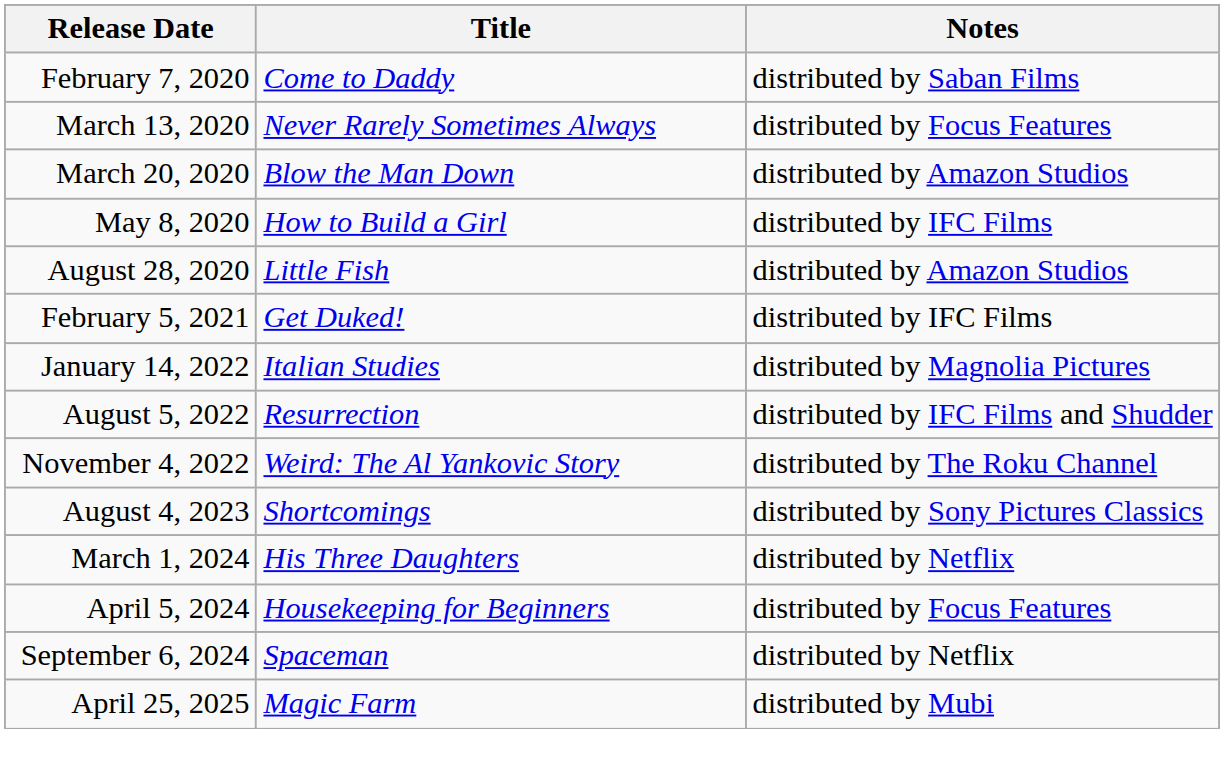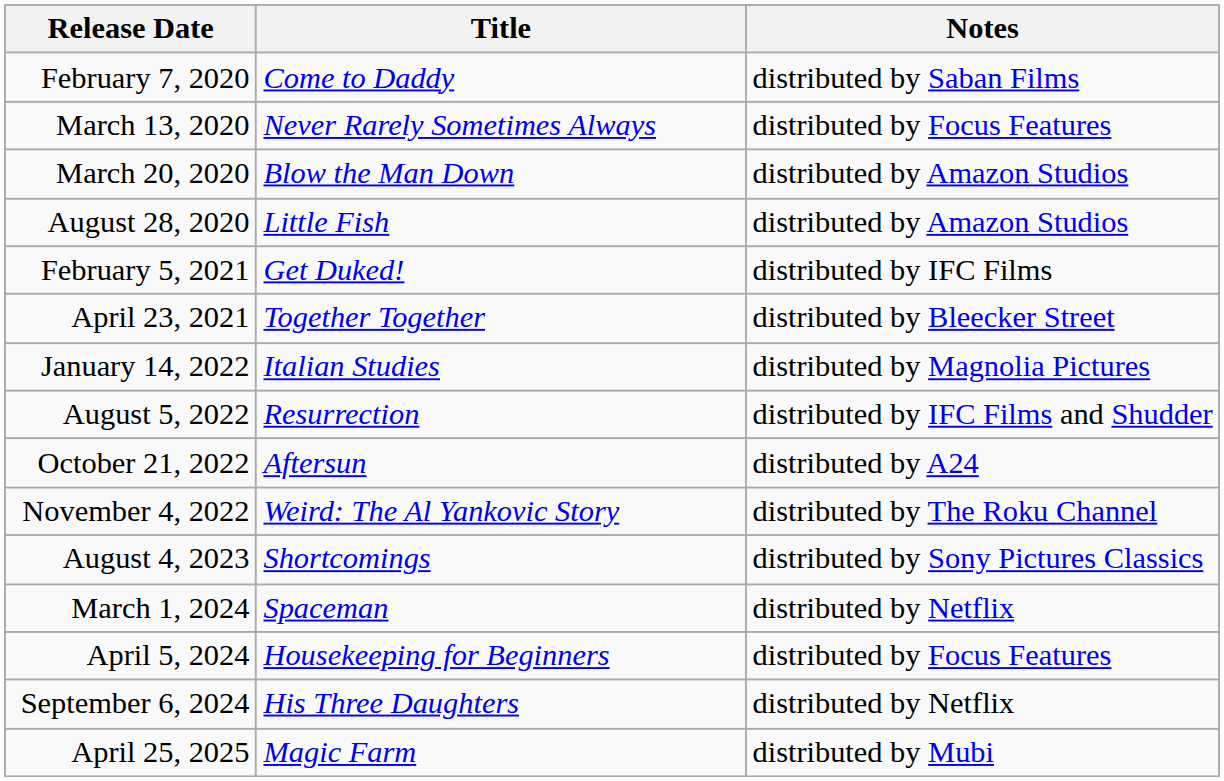 <table class="wikitable sortable">
 <tr>
 <th style="width:125px;">Release Date</th>
 <th style="width:250px;">Title</th>
 <th>Notes</th>
 </tr>
 <tr>
 <td style="text-align:right;">February 7, 2020</td>
 <td><em><a href='#'>Come to Daddy</a></em></td>
 <td>distributed by <a href='#'>Saban Films</a></td>
 </tr>
 <tr>
 <td style="text-align:right;">March 13, 2020</td>
 <td><em><a href='#'>Never Rarely Sometimes Always</a></em></td>
 <td>distributed by <a href='#'>Focus Features</a></td>
 </tr>
 <tr>
 <td style="text-align:right;">March 20, 2020</td>
 <td><em><a href='#'>Blow the Man Down</a></em></td>
 <td>distributed by <a href='#'>Amazon Studios</a></td>
 </tr>
 <tr>
-<td style="text-align:right;">May 8, 2020</td>
-<td><em><a href='#'>How to Build a Girl</a></em></td>
-<td>distributed by <a href='#'>IFC Films</a></td>
-</tr>
-<tr>
 <td style="text-align:right;">August 28, 2020</td>
 <td><em><a href='#'>Little Fish</a></em></td>
 <td>distributed by <a href='#'>Amazon Studios</a></td>
 </tr>
 <tr>
 <td style="text-align:right;">February 5, 2021</td>
 <td><em><a href='#'>Get Duked!</a></em></td>
 <td>distributed by IFC Films</td>
 </tr>
 <tr>
+<td style="text-align:right;">April 23, 2021</td>
+<td><em><a href='#'>Together Together</a></em></td>
+<td>distributed by <a href='#'>Bleecker Street</a></td>
+</tr>
+<tr>
 <td style="text-align:right;">January 14, 2022</td>
 <td><em><a href='#'>Italian Studies</a></em></td>
 <td>distributed by <a href='#'>Magnolia Pictures</a></td>
 </tr>
 <tr>
 <td style="text-align:right;">August 5, 2022</td>
 <td><em><a href='#'>Resurrection</a></em></td>
 <td>distributed by <a href='#'>IFC Films</a> and <a href='#'>Shudder</a></td>
+</tr>
+<tr>
+<td style="text-align:right">October 21, 2022</td>
+<td><em><a href='#'>Aftersun</a></em></td>
+<td>distributed by <a href='#'>A24</a></td>
 </tr>
 <tr>
 <td style="text-align:right;">November 4, 2022</td>
 <td><em><a href='#'>Weird: The Al Yankovic Story</a></em></td>
 <td>distributed by <a href='#'>The Roku Channel</a></td>
 </tr>
 <tr>
 <td style="text-align:right;">August 4, 2023</td>
 <td><em><a href='#'>Shortcomings</a></em></td>
 <td>distributed by <a href='#'>Sony Pictures Classics</a></td>
 </tr>
 <tr>
 <td style="text-align:right;">March 1, 2024</td>
-<td><em><a href='#'>His Three Daughters</a></em></td>
+<td><em><a href='#'>Spaceman</a></em></td>
 <td>distributed by <a href='#'>Netflix</a></td>
 </tr>
 <tr>
 <td align="right">April 5, 2024</td>
 <td><em><a href='#'>Housekeeping for Beginners</a></em></td>
 <td>distributed by <a href='#'>Focus Features</a></td>
 </tr>
 <tr>
 <td style="text-align:right;">September 6, 2024</td>
-<td><em><a href='#'>Spaceman</a></em></td>
+<td><em><a href='#'>His Three Daughters</a></em></td>
 <td>distributed by Netflix</td>
 </tr>
 <tr>
 <td style="text-align:right;">April 25, 2025</td>
 <td><em><a href='#'>Magic Farm</a></em></td>
 <td rowspan="2">distributed by <a href='#'>Mubi</a></td>
 </tr>
 </table>
